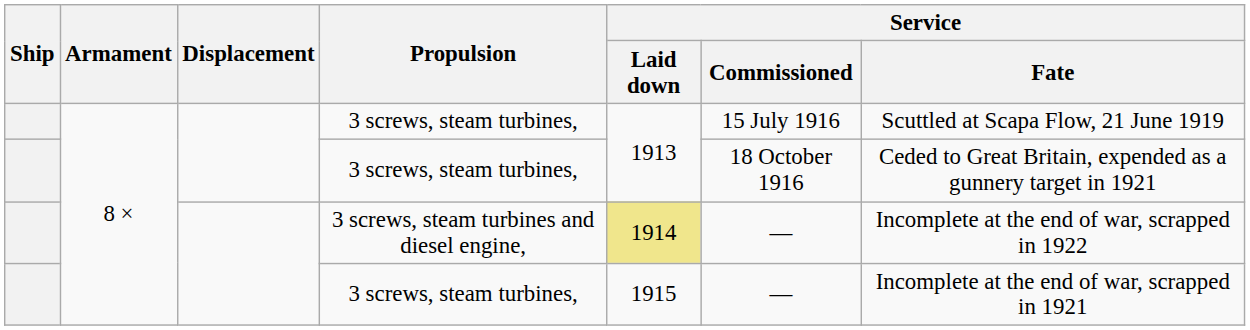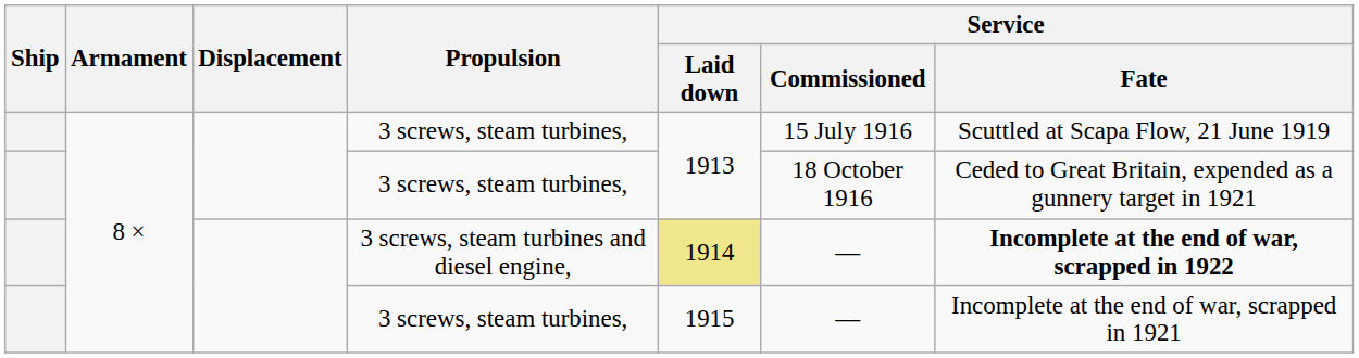 <table class="wikitable plainrowheaders" style="text-align: center;">
 <tr valign="center">
 <th scope="col" rowspan="2">Ship</th>
 <th scope="col" rowspan="2">Armament</th>
 <th scope="col" rowspan="2">Displacement</th>
 <th scope="col" rowspan="2">Propulsion</th>
 <th scope="col" colspan="3">Service</th>
 </tr>
 <tr valign="center">
 <th scope="col">Laid down</th>
 <th scope="col">Commissioned</th>
 <th scope="col">Fate</th>
 </tr>
 <tr valign="center">
 <th scope="row"></th>
 <td rowspan="4">8 × </td>
 <td rowspan="2"></td>
 <td>3 screws, steam turbines, </td>
 <td rowspan="2">1913</td>
 <td>15 July 1916</td>
 <td>Scuttled at Scapa Flow, 21 June 1919</td>
 </tr>
 <tr valign="center">
 <th scope="row"></th>
 <td>3 screws, steam turbines, </td>
 <td>18 October 1916</td>
 <td>Ceded to Great Britain, expended as a gunnery target in 1921</td>
 </tr>
 <tr valign="center">
 <th scope="row"></th>
 <td rowspan="2"></td>
 <td>3 screws, steam turbines and diesel engine, </td>
 <td style="background: khaki;">1914</td>
 <td>—</td>
-<td>Incomplete at the end of war, scrapped in 1922</td>
+<td><strong>Incomplete at the end of war, scrapped in 1922</strong></td>
 </tr>
 <tr valign="center">
 <th scope="row"></th>
 <td>3 screws, steam turbines, </td>
 <td>1915</td>
 <td>—</td>
 <td>Incomplete at the end of war, scrapped in 1921</td>
 </tr>
 </table>
